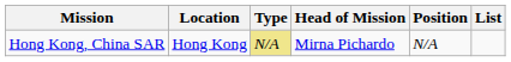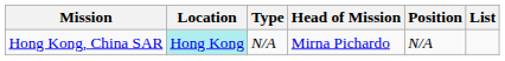 <table class="wikitable">
 <tr>
 <th>Mission</th>
 <th>Location</th>
 <th>Type</th>
 <th>Head of Mission</th>
 <th>Position</th>
 <th>List</th>
 </tr>
 <tr>
 <td><a href='#'>Hong Kong, China SAR</a></td>
-<td><a href='#'>Hong Kong</a></td>
-<td style="background: khaki;"><em>N/A</em></td>
+<td style="background: paleturquoise;"><a href='#'>Hong Kong</a></td>
+<td><em>N/A</em></td>
 <td><a href='#'>Mirna Pichardo</a></td>
 <td><em>N/A</em></td>
 </tr>
 </table>
